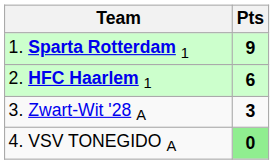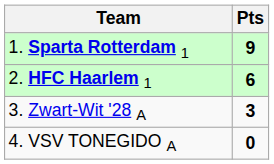 <table class="wikitable" style="text-align:center; float:left; margin-right:1em">
 <tr>
 <th style="width:200px">Team</th>
 <th width=20>Pts</th>
 </tr>
 <tr bgcolor=ccffcc>
 <td align=left>1. <strong><a href='#'>Sparta Rotterdam</a></strong> <sub>1</sub></td>
 <td><strong>9</strong></td>
 </tr>
 <tr bgcolor=ccffcc>
 <td align=left>2. <strong><a href='#'>HFC Haarlem</a></strong> <sub>1</sub></td>
 <td><strong>6</strong></td>
 </tr>
 <tr>
 <td align=left>3. <a href='#'>Zwart-Wit '28</a> <sub>A</sub></td>
 <td><strong>3</strong></td>
 </tr>
 <tr>
 <td align=left>4. VSV TONEGIDO <sub>A</sub></td>
-<td style="background: lightgreen;"><strong>0</strong></td>
+<td><strong>0</strong></td>
 </tr>
 </table>
